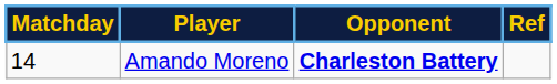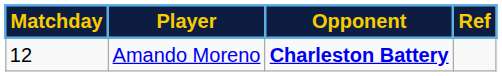 <table class=wikitable>
 <tr>
 <th style="background:#0D1D41; color:#F8CC00; border:2px solid #5FAFE4;">Matchday</th>
 <th style="background:#0D1D41; color:#F8CC00; border:2px solid #5FAFE4;">Player</th>
 <th style="background:#0D1D41; color:#F8CC00; border:2px solid #5FAFE4;">Opponent</th>
 <th style="background:#0D1D41; color:#F8CC00; border:2px solid #5FAFE4;">Ref</th>
 </tr>
 <tr>
-<td>14</td>
+<td>12</td>
 <td> <a href='#'>Amando Moreno</a></td>
 <td><strong><a href='#'>Charleston Battery</a></strong></td>
 <td rowspan=2 style="text-align:center"></td>
 </tr>
 </table>
